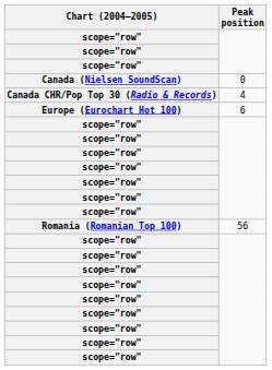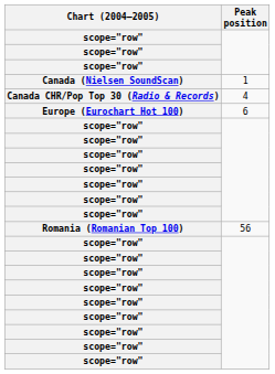 <table class="wikitable sortable plainrowheaders" style="text-align:center">
 <tr>
 <th scope="col">Chart (2004–2005)</th>
 <th scope="col">Peak<br>position</th>
 </tr>
 <tr>
 <th>scope="row"</th>
 </tr>
 <tr>
 <th>scope="row"</th>
 </tr>
 <tr>
 <th>scope="row"</th>
 </tr>
 <tr>
 <th scope="row">Canada (<a href='#'>Nielsen SoundScan</a>)</th>
-<td>0</td>
+<td>1</td>
 </tr>
 <tr>
 <th scope="row">Canada CHR/Pop Top 30 (<em><a href='#'>Radio & Records</a></em>)</th>
 <td>4</td>
 </tr>
 <tr>
 <th scope="row">Europe (<a href='#'>Eurochart Hot 100</a>)</th>
 <td>6</td>
 </tr>
 <tr>
 <th>scope="row"</th>
 </tr>
 <tr>
 <th>scope="row"</th>
 </tr>
 <tr>
 <th>scope="row"</th>
 </tr>
 <tr>
 <th>scope="row"</th>
 </tr>
 <tr>
 <th>scope="row"</th>
 </tr>
 <tr>
 <th>scope="row"</th>
 </tr>
 <tr>
 <th>scope="row"</th>
 </tr>
 <tr>
 <th scope="row">Romania (<a href='#'>Romanian Top 100</a>)</th>
 <td>56</td>
 </tr>
 <tr>
 <th>scope="row"</th>
 </tr>
 <tr>
 <th>scope="row"</th>
 </tr>
 <tr>
 <th>scope="row"</th>
 </tr>
 <tr>
 <th>scope="row"</th>
 </tr>
 <tr>
 <th>scope="row"</th>
 </tr>
 <tr>
 <th>scope="row"</th>
 </tr>
 <tr>
 <th>scope="row"</th>
 </tr>
 <tr>
 <th>scope="row"</th>
 </tr>
 <tr>
 <th>scope="row"</th>
 </tr>
 </table>
